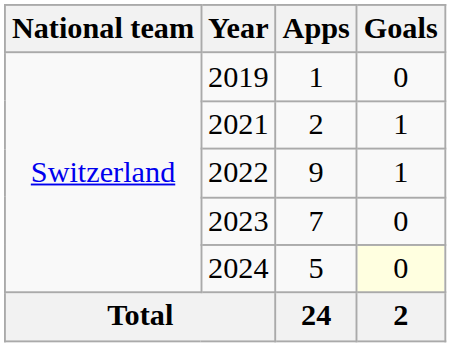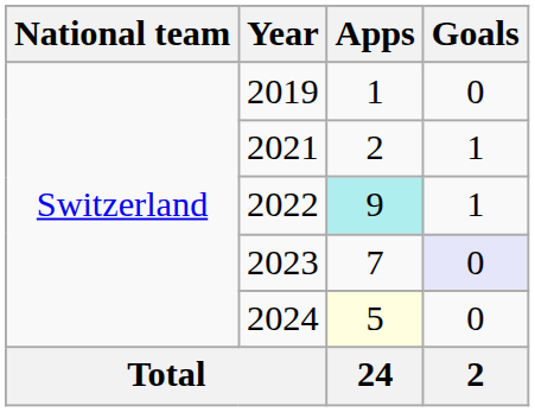 <table class="wikitable" style="text-align:center">
 <tr>
 <th>National team</th>
 <th>Year</th>
 <th>Apps</th>
 <th>Goals</th>
 </tr>
 <tr>
 <td rowspan="5"><a href='#'>Switzerland</a></td>
 <td>2019</td>
 <td>1</td>
 <td>0</td>
 </tr>
 <tr>
 <td>2021</td>
 <td>2</td>
 <td>1</td>
 </tr>
 <tr>
 <td>2022</td>
-<td>9</td>
+<td style="background: paleturquoise;">9</td>
 <td>1</td>
 </tr>
 <tr>
 <td>2023</td>
 <td>7</td>
-<td>0</td>
+<td style="background: lavender;">0</td>
 </tr>
 <tr>
 <td>2024</td>
-<td>5</td>
-<td style="background: lightyellow;">0</td>
+<td style="background: lightyellow;">5</td>
+<td>0</td>
 </tr>
 <tr>
 <th colspan="2">Total</th>
 <th>24</th>
 <th>2</th>
 </tr>
 </table>
